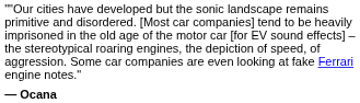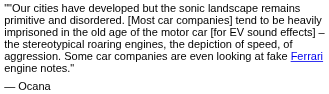 <table class="toccolours" style="float: right; margin-left: 1em; margin-right: 2em; font-size: 85%; background:offwhite; color:black; width:30em; max-width: 40%;" cellspacing="5">
 <tr>
 <td style="text-align: left;">""Our cities have developed but the sonic landscape remains primitive and disordered. [Most car companies] tend to be heavily imprisoned in the old age of the motor car [for EV sound effects] – the stereotypical roaring engines, the depiction of speed, of aggression. Some car companies are even looking at fake <a href='#'>Ferrari</a> engine notes."</td>
 </tr>
 <tr>
-<td style="text-align: left;"><strong>— Ocana</strong></td>
+<td style="text-align: left;">— Ocana</td>
 </tr>
 </table>
